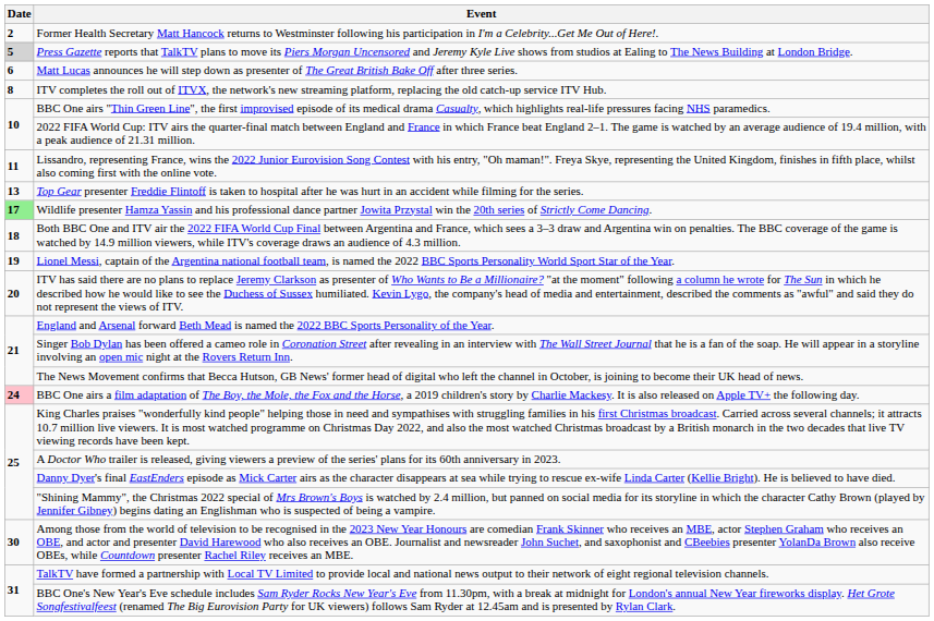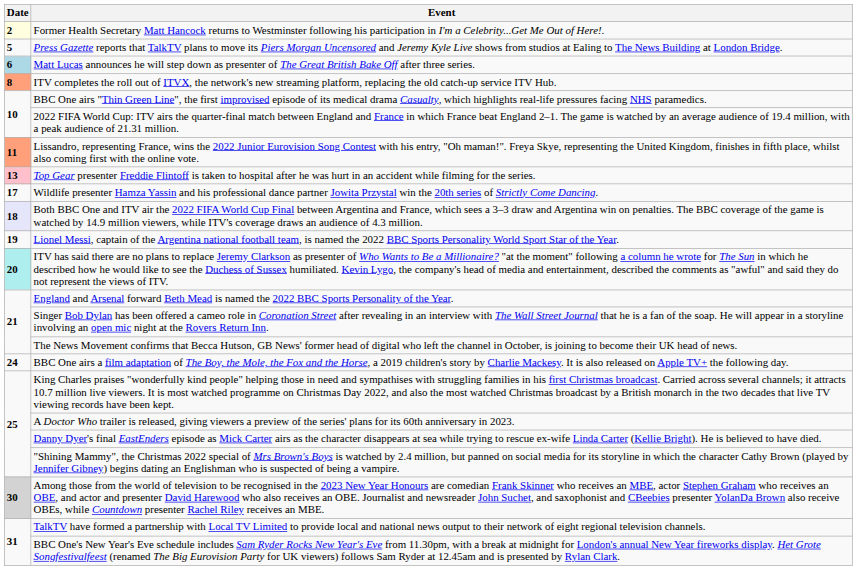 <table class="wikitable">
 <tr>
 <th>Date</th>
 <th>Event</th>
 </tr>
 <tr>
-<td><strong>2</strong></td>
+<td style="background: lightyellow;"><strong>2</strong></td>
 <td>Former Health Secretary <a href='#'>Matt Hancock</a> returns to Westminster following his participation in <em>I'm a Celebrity...Get Me Out of Here!</em>.</td>
 </tr>
 <tr>
-<td style="background: lightgrey;"><strong>5</strong></td>
+<td><strong>5</strong></td>
 <td><em><a href='#'>Press Gazette</a></em> reports that <a href='#'>TalkTV</a> plans to move its <em><a href='#'>Piers Morgan Uncensored</a></em> and <em>Jeremy Kyle Live</em> shows from studios at Ealing to <a href='#'>The News Building</a> at <a href='#'>London Bridge</a>.</td>
 </tr>
 <tr>
-<td><strong>6</strong></td>
+<td style="background: lightblue;"><strong>6</strong></td>
 <td><a href='#'>Matt Lucas</a> announces he will step down as presenter of <em><a href='#'>The Great British Bake Off</a></em> after three series.</td>
 </tr>
 <tr>
-<td><strong>8</strong></td>
+<td style="background: lightsalmon;"><strong>8</strong></td>
 <td>ITV completes the roll out of <a href='#'>ITVX</a>, the network's new streaming platform, replacing the old catch-up service ITV Hub.</td>
 </tr>
 <tr>
 <td rowspan=2><strong>10</strong></td>
 <td>BBC One airs "<a href='#'>Thin Green Line</a>", the first <a href='#'>improvised</a> episode of its medical drama <em><a href='#'>Casualty</a></em>, which highlights real-life pressures facing <a href='#'>NHS</a> paramedics.</td>
 </tr>
 <tr>
 <td>2022 FIFA World Cup: ITV airs the quarter-final match between England and <a href='#'>France</a> in which France beat England 2–1. The game is watched by an average audience of 19.4 million, with a peak audience of 21.31 million.</td>
 </tr>
 <tr>
-<td><strong>11</strong></td>
+<td style="background: lightsalmon;"><strong>11</strong></td>
 <td>Lissandro, representing France, wins the <a href='#'>2022 Junior Eurovision Song Contest</a> with his entry, "Oh maman!". Freya Skye, representing the United Kingdom, finishes in fifth place, whilst also coming first with the online vote.</td>
 </tr>
 <tr>
-<td><strong>13</strong></td>
+<td style="background: pink;"><strong>13</strong></td>
 <td><em><a href='#'>Top Gear</a></em> presenter <a href='#'>Freddie Flintoff</a> is taken to hospital after he was hurt in an accident while filming for the series.</td>
 </tr>
 <tr>
-<td style="background: lightgreen;"><strong>17</strong></td>
+<td><strong>17</strong></td>
 <td>Wildlife presenter <a href='#'>Hamza Yassin</a> and his professional dance partner <a href='#'>Jowita Przystal</a> win the <a href='#'>20th series</a> of <em><a href='#'>Strictly Come Dancing</a></em>.</td>
 </tr>
 <tr>
-<td><strong>18</strong></td>
+<td style="background: lavender;"><strong>18</strong></td>
 <td>Both BBC One and ITV air the <a href='#'>2022 FIFA World Cup Final</a> between Argentina and France, which sees a 3–3 draw and Argentina win on penalties. The BBC coverage of the game is watched by 14.9 million viewers, while ITV's coverage draws an audience of 4.3 million.</td>
 </tr>
 <tr>
 <td><strong>19</strong></td>
 <td><a href='#'>Lionel Messi</a>, captain of the <a href='#'>Argentina national football team</a>, is named the 2022 <a href='#'>BBC Sports Personality World Sport Star of the Year</a>.</td>
 </tr>
 <tr>
-<td><strong>20</strong></td>
+<td style="background: paleturquoise;"><strong>20</strong></td>
 <td>ITV has said there are no plans to replace <a href='#'>Jeremy Clarkson</a> as presenter of <em><a href='#'>Who Wants to Be a Millionaire?</a></em> "at the moment" following <a href='#'>a column he wrote</a> for <em><a href='#'>The Sun</a></em> in which he described how he would like to see the <a href='#'>Duchess of Sussex</a> humiliated. <a href='#'>Kevin Lygo</a>, the company's head of media and entertainment, described the comments as "awful" and said they do not represent the views of ITV.</td>
 </tr>
 <tr>
 <td rowspan=3><strong>21</strong></td>
 <td><a href='#'>England</a> and <a href='#'>Arsenal</a> forward <a href='#'>Beth Mead</a> is named the <a href='#'>2022 BBC Sports Personality of the Year</a>.</td>
 </tr>
 <tr>
 <td>Singer <a href='#'>Bob Dylan</a> has been offered a cameo role in <em><a href='#'>Coronation Street</a></em> after revealing in an interview with <em><a href='#'>The Wall Street Journal</a></em> that he is a fan of the soap. He will appear in a storyline involving an <a href='#'>open mic</a> night at the <a href='#'>Rovers Return Inn</a>.</td>
 </tr>
 <tr>
 <td>The News Movement confirms that Becca Hutson, GB News' former head of digital who left the channel in October, is joining to become their UK head of news.</td>
 </tr>
 <tr>
-<td style="background: pink;"><strong>24</strong></td>
+<td><strong>24</strong></td>
 <td>BBC One airs a <a href='#'>film adaptation</a> of <em><a href='#'>The Boy, the Mole, the Fox and the Horse</a></em>, a 2019 children's story by <a href='#'>Charlie Mackesy</a>. It is also released on <a href='#'>Apple TV+</a> the following day.</td>
 </tr>
 <tr>
 <td rowspan=4><strong>25</strong></td>
 <td>King Charles praises "wonderfully kind people" helping those in need and sympathises with struggling families in his <a href='#'>first Christmas broadcast</a>. Carried across several channels; it attracts 10.7 million live viewers. It is most watched programme on Christmas Day 2022, and also the most watched Christmas broadcast by a British monarch in the two decades that live TV viewing records have been kept.</td>
 </tr>
 <tr>
 <td>A <em>Doctor Who</em> trailer is released, giving viewers a preview of the series' plans for its 60th anniversary in 2023.</td>
 </tr>
 <tr>
 <td><a href='#'>Danny Dyer</a>'s final <em><a href='#'>EastEnders</a></em> episode as <a href='#'>Mick Carter</a> airs as the character disappears at sea while trying to rescue ex-wife <a href='#'>Linda Carter</a> (<a href='#'>Kellie Bright</a>). He is believed to have died.</td>
 </tr>
 <tr>
 <td>"Shining Mammy", the Christmas 2022 special of <em><a href='#'>Mrs Brown's Boys</a></em> is watched by 2.4 million, but panned on social media for its storyline in which the character Cathy Brown (played by <a href='#'>Jennifer Gibney</a>) begins dating an Englishman who is suspected of being a vampire.</td>
 </tr>
 <tr>
-<td><strong>30</strong></td>
+<td style="background: lightgrey;"><strong>30</strong></td>
 <td>Among those from the world of television to be recognised in the <a href='#'>2023 New Year Honours</a> are comedian <a href='#'>Frank Skinner</a> who receives an <a href='#'>MBE</a>, actor <a href='#'>Stephen Graham</a> who receives an <a href='#'>OBE</a>, and actor and presenter <a href='#'>David Harewood</a> who also receives an OBE. Journalist and newsreader <a href='#'>John Suchet</a>, and saxophonist and <a href='#'>CBeebies</a> presenter <a href='#'>YolanDa Brown</a> also receive OBEs, while <em><a href='#'>Countdown</a></em> presenter <a href='#'>Rachel Riley</a> receives an MBE.</td>
 </tr>
 <tr>
 <td rowspan=2><strong>31</strong></td>
 <td><a href='#'>TalkTV</a> have formed a partnership with <a href='#'>Local TV Limited</a> to provide local and national news output to their network of eight regional television channels.</td>
 </tr>
 <tr>
 <td>BBC One's New Year's Eve schedule includes <em><a href='#'>Sam Ryder Rocks New Year's Eve</a></em> from 11.30pm, with a break at midnight for <a href='#'>London's annual New Year fireworks display</a>. <em><a href='#'>Het Grote Songfestivalfeest</a></em> (renamed <em>The Big Eurovision Party</em> for UK viewers) follows Sam Ryder at 12.45am and is presented by <a href='#'>Rylan Clark</a>.</td>
 </tr>
 </table>
